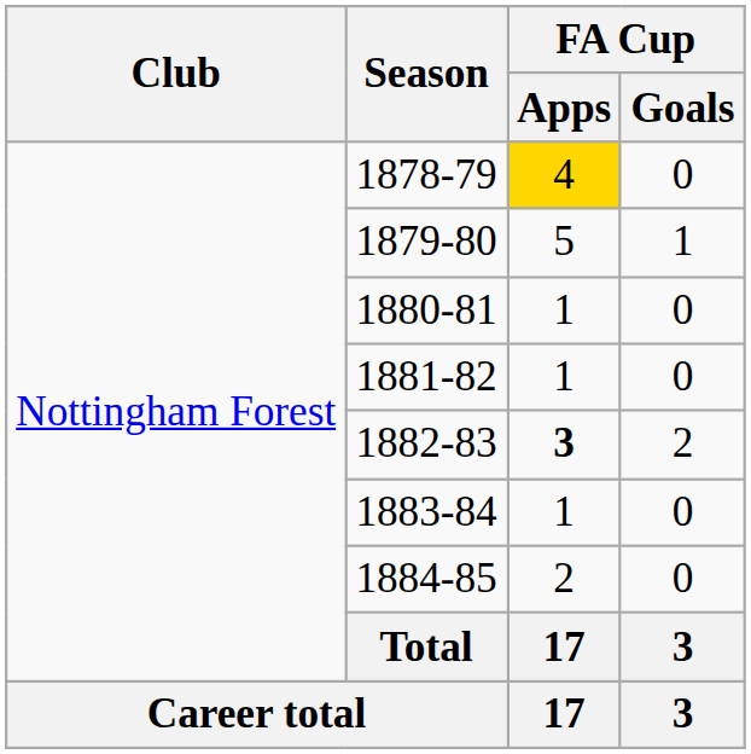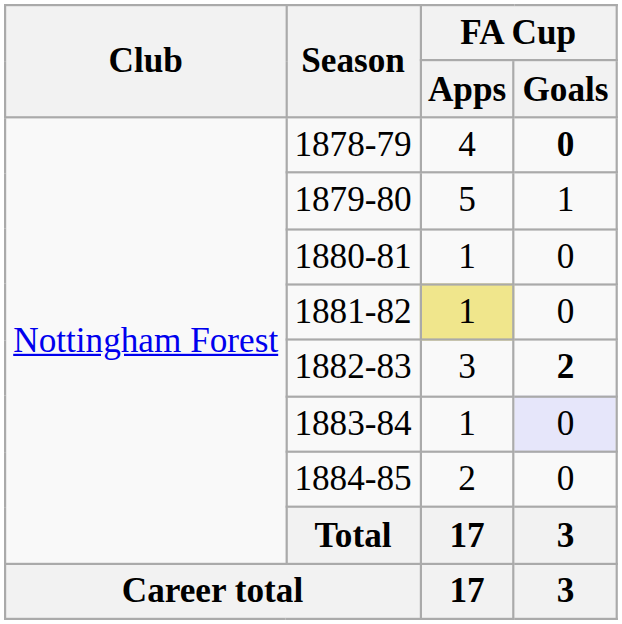 <table class="wikitable" style="text-align: center;">
 <tr>
 <th rowspan="2">Club</th>
 <th rowspan="2">Season</th>
 <th colspan="2">FA Cup</th>
 </tr>
 <tr>
 <th>Apps</th>
 <th>Goals</th>
 </tr>
 <tr>
 <td rowspan="8"><a href='#'>Nottingham Forest</a></td>
 <td>1878-79</td>
-<td style="background: gold;">4</td>
-<td>0</td>
+<td>4</td>
+<td><strong>0</strong></td>
 </tr>
 <tr>
 <td>1879-80</td>
 <td>5</td>
 <td>1</td>
 </tr>
 <tr>
 <td>1880-81</td>
 <td>1</td>
 <td>0</td>
 </tr>
 <tr>
 <td>1881-82</td>
-<td>1</td>
+<td style="background: khaki;">1</td>
 <td>0</td>
 </tr>
 <tr>
 <td>1882-83</td>
-<td><strong>3</strong></td>
-<td>2</td>
+<td>3</td>
+<td><strong>2</strong></td>
 </tr>
 <tr>
 <td>1883-84</td>
 <td>1</td>
-<td>0</td>
+<td style="background: lavender;">0</td>
 </tr>
 <tr>
 <td>1884-85</td>
 <td>2</td>
 <td>0</td>
 </tr>
 <tr>
 <th colspan="1">Total</th>
 <th>17</th>
 <th>3</th>
 </tr>
 <tr>
 <th colspan="2">Career total</th>
 <th>17</th>
 <th>3</th>
 </tr>
 </table>
